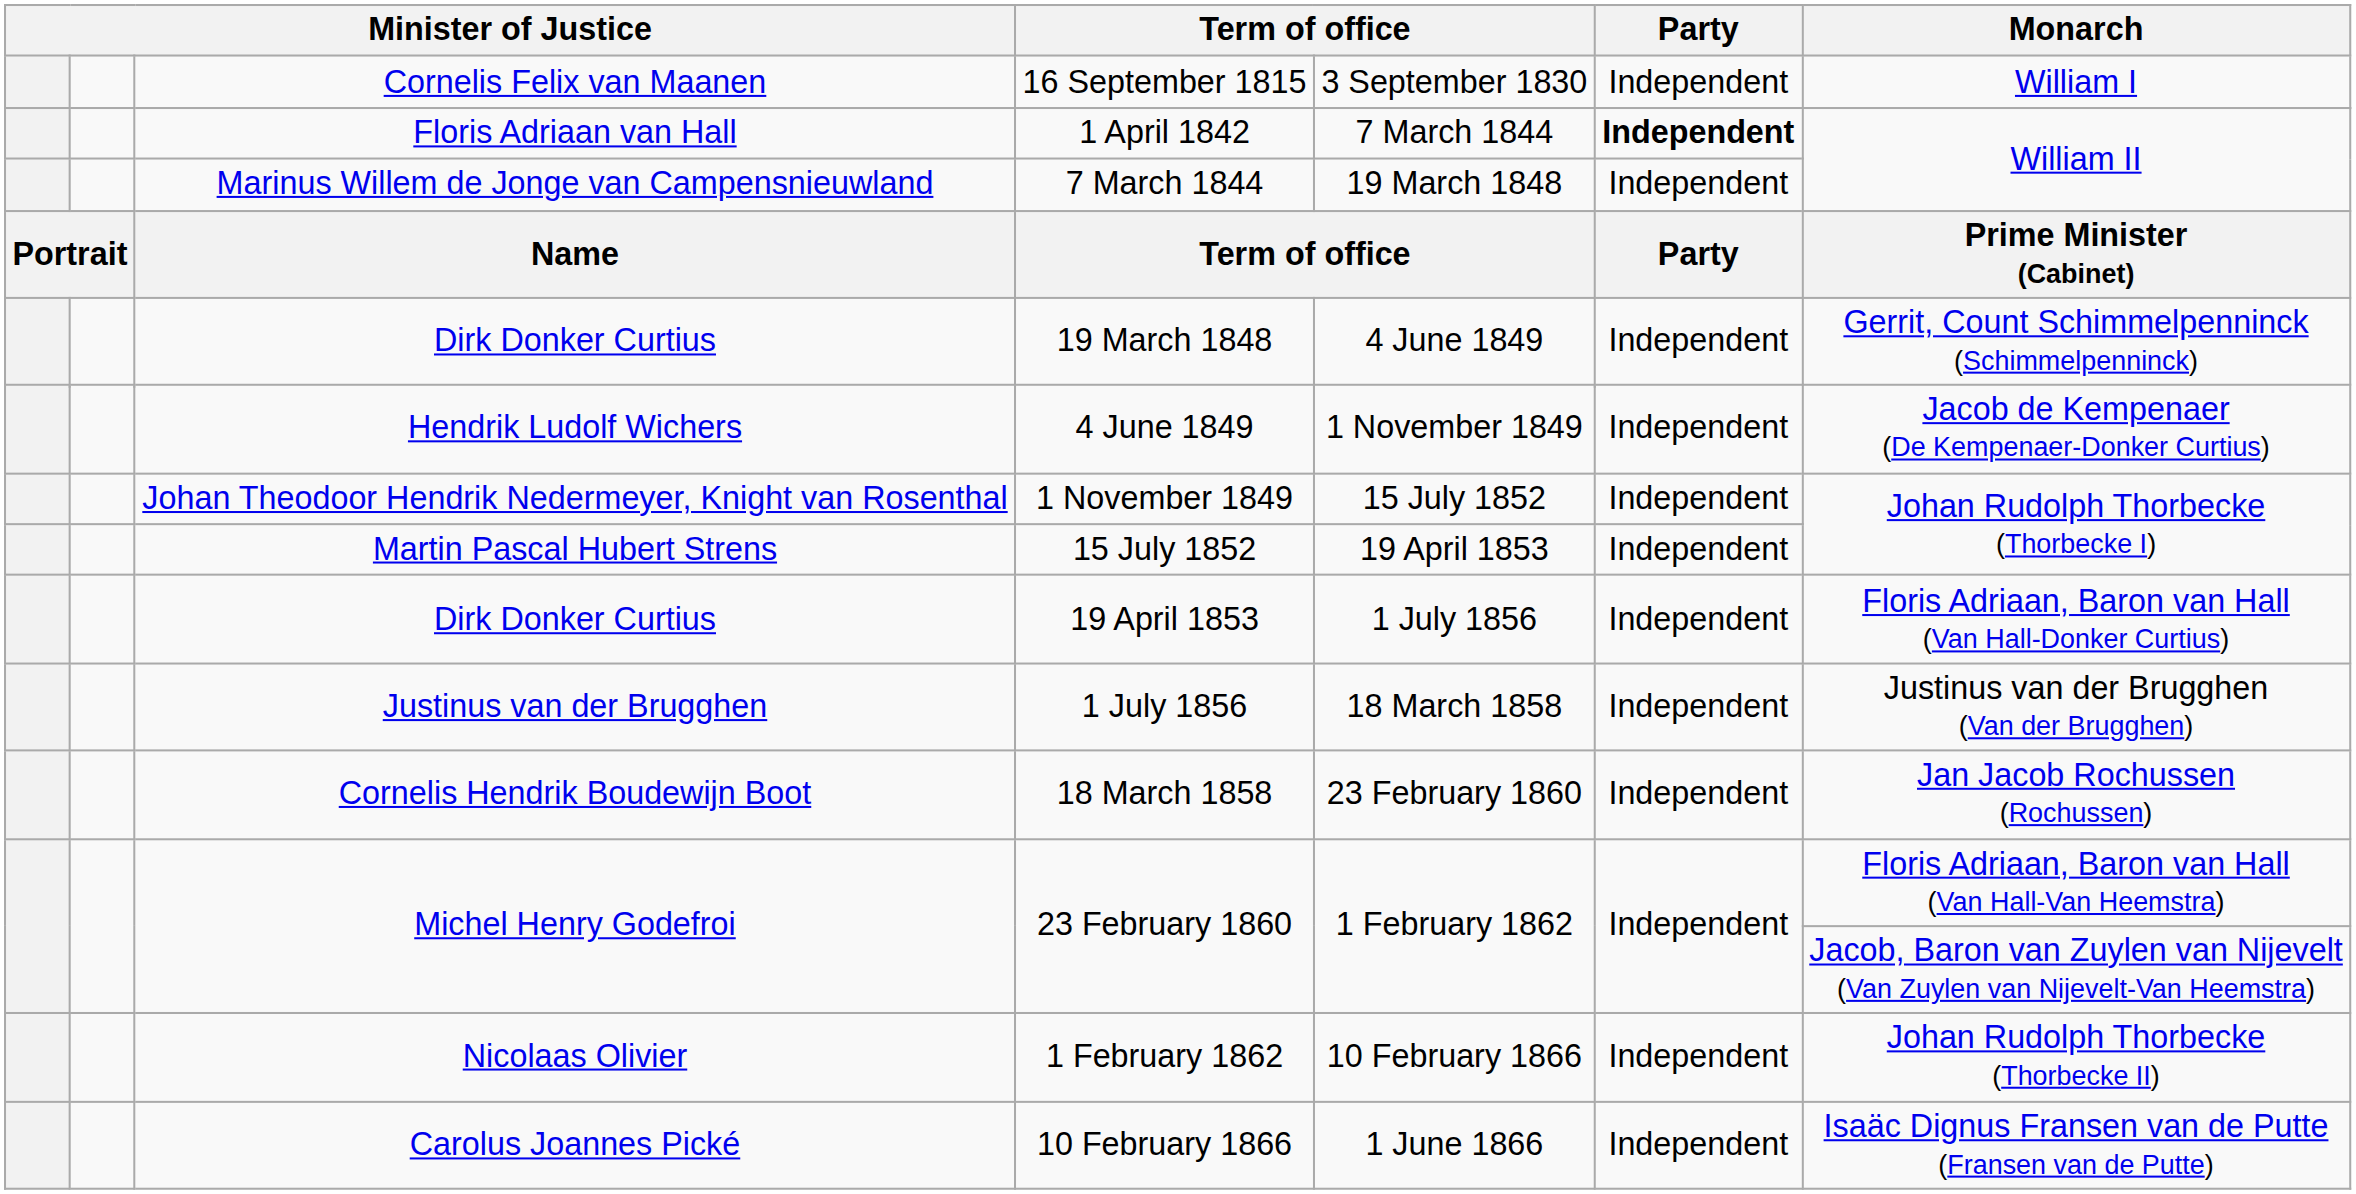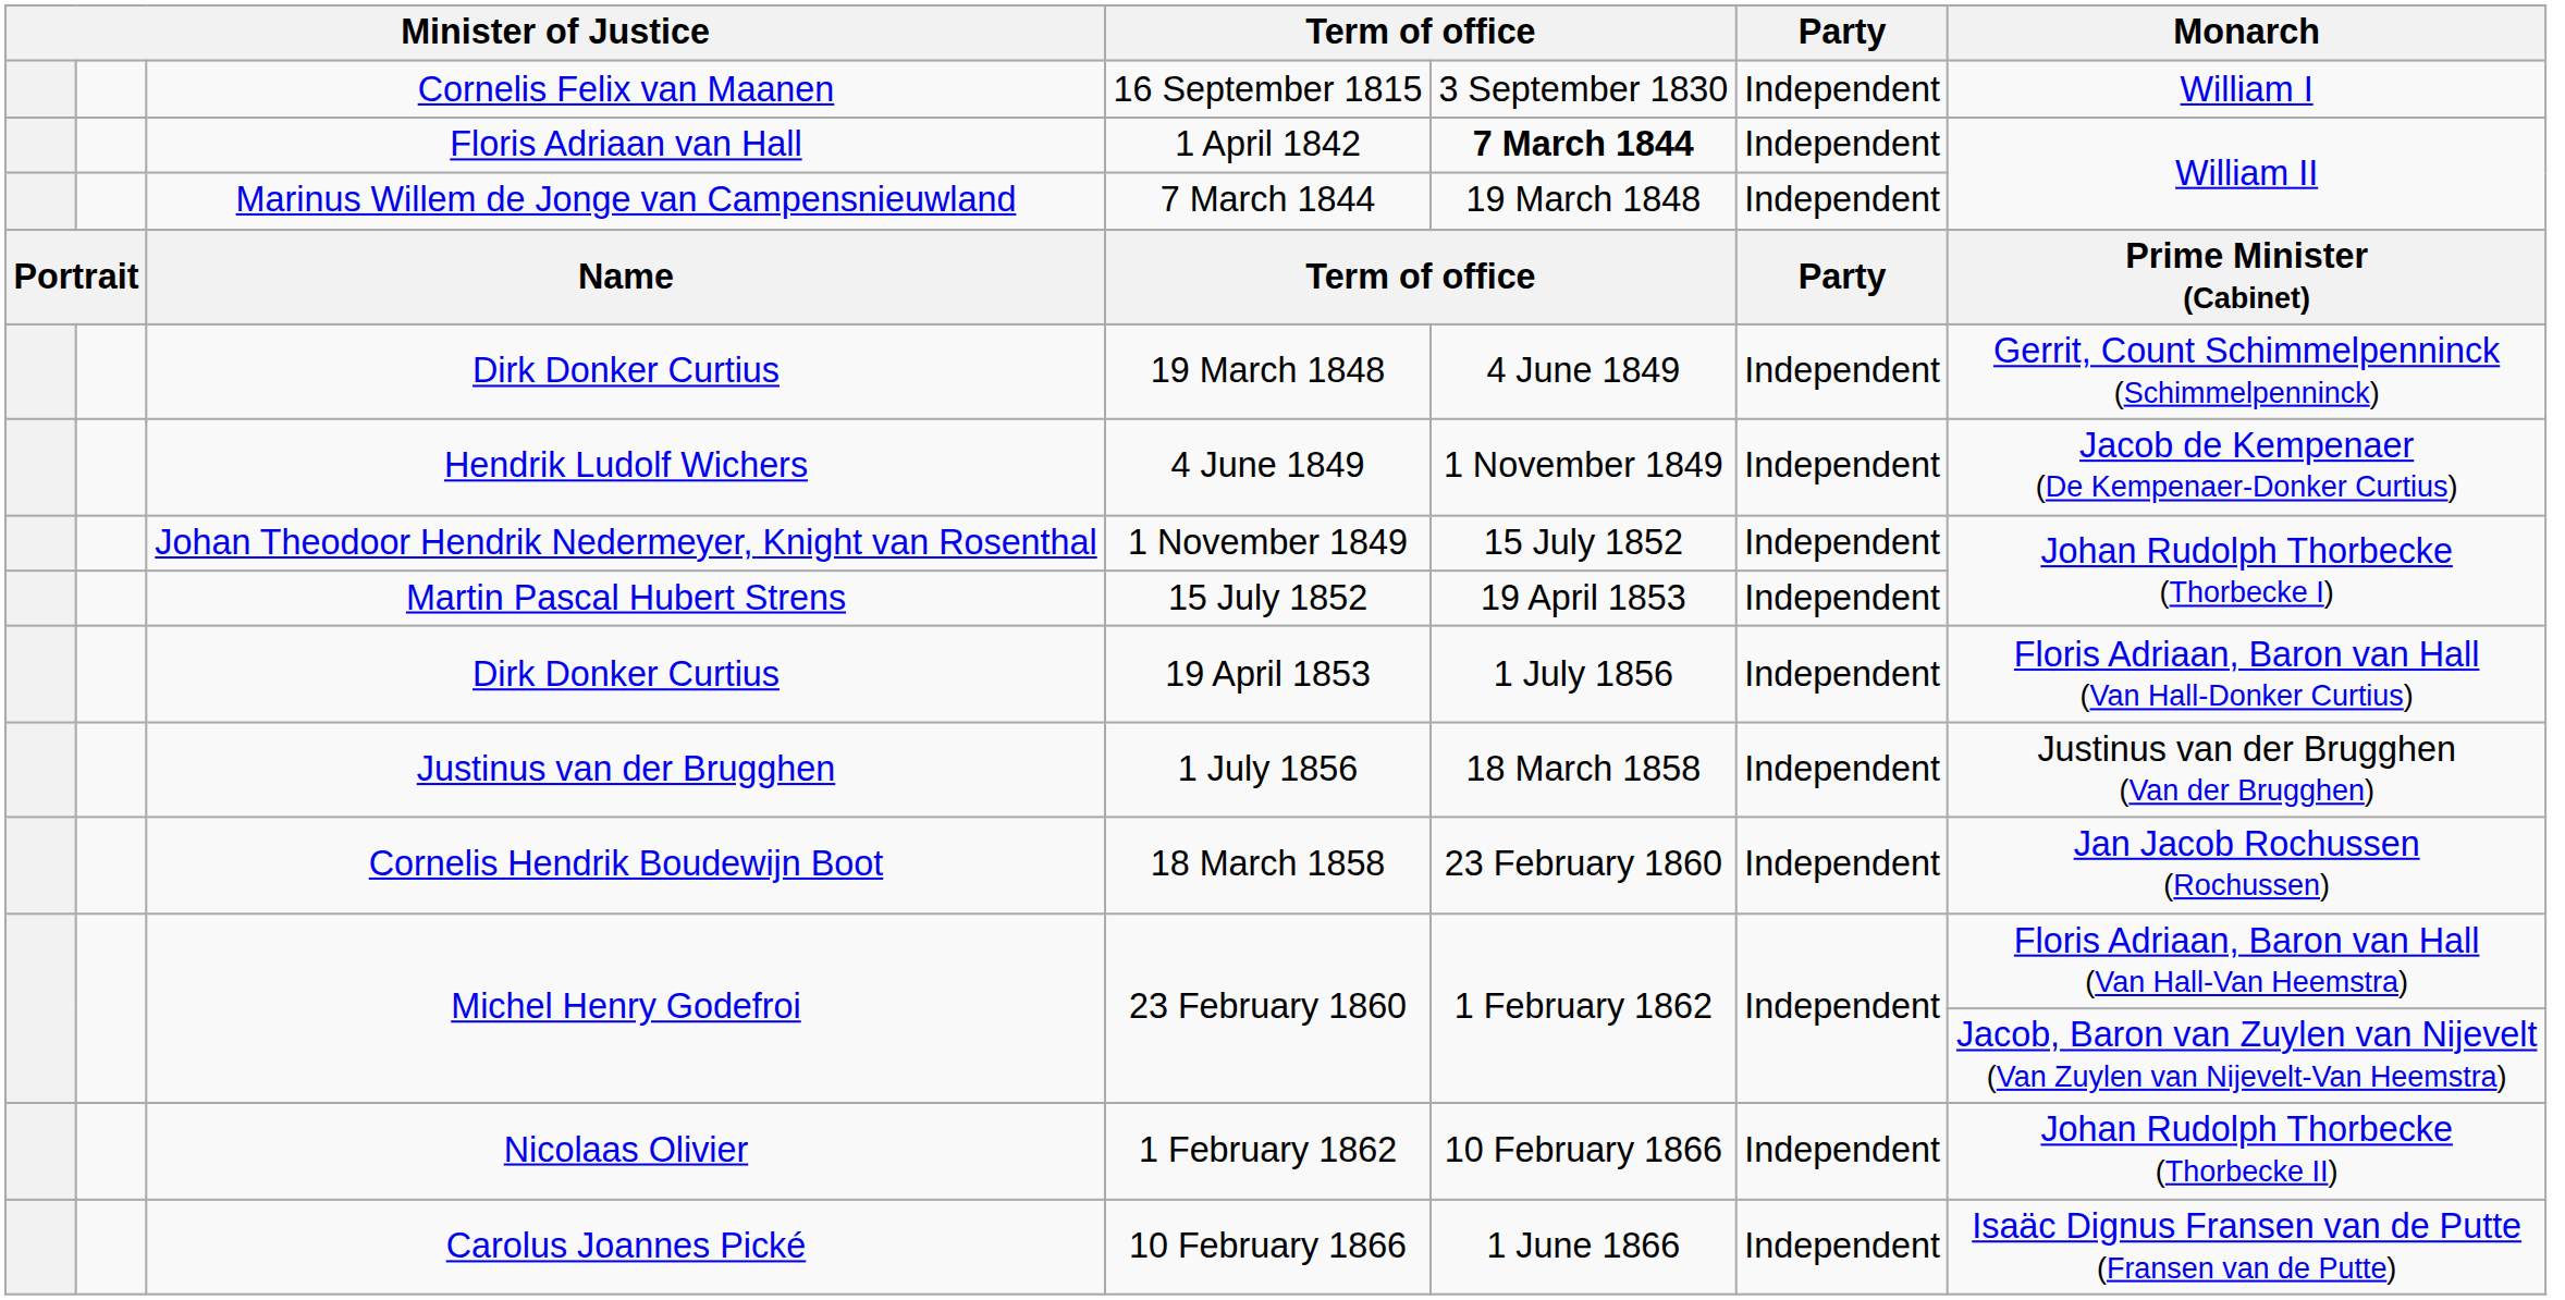 <table class="wikitable" style="text-align:center">
 <tr>
 <th colspan=3>Minister of Justice</th>
 <th colspan=2>Term of office</th>
 <th>Party</th>
 <th>Monarch</th>
 </tr>
 <tr>
 <th rowspan=2 style="background:"></th>
 <td rowspan=2></td>
 <td rowspan=2><a href='#'>Cornelis Felix van Maanen</a></td>
 <td rowspan=2>16 September 1815</td>
 <td rowspan=2>3 September 1830</td>
 <td rowspan=2>Independent</td>
 <td><a href='#'>William I</a></td>
 </tr>
 <tr>
 <td rowspan=3><a href='#'>William II</a></td>
 </tr>
 <tr>
 <th style="background:"></th>
 <td></td>
 <td><a href='#'>Floris Adriaan van Hall</a></td>
 <td>1 April 1842</td>
-<td>7 March 1844</td>
-<td><strong>Independent</strong></td>
+<td><strong>7 March 1844</strong></td>
+<td>Independent</td>
 </tr>
 <tr>
 <th style="background:"></th>
 <td></td>
 <td><a href='#'>Marinus Willem de Jonge van Campensnieuwland</a></td>
 <td>7 March 1844</td>
 <td>19 March 1848</td>
 <td>Independent</td>
 </tr>
 <tr>
 <th colspan=2>Portrait</th>
 <th>Name</th>
 <th colspan=2>Term of office</th>
 <th>Party</th>
 <th>Prime Minister<br><small>(Cabinet)</small></th>
 </tr>
 <tr>
 <th rowspan=2 style="background:"></th>
 <td rowspan=2></td>
 <td rowspan=2><a href='#'>Dirk Donker Curtius</a></td>
 <td rowspan=2>19 March 1848</td>
 <td rowspan=2>4 June 1849</td>
 <td rowspan=2>Independent</td>
 <td><a href='#'>Gerrit, Count Schimmelpenninck</a><br><small>(<a href='#'>Schimmelpenninck</a>)</small></td>
 </tr>
 <tr>
 <td rowspan=2><a href='#'>Jacob de Kempenaer</a><br><small>(<a href='#'>De Kempenaer-Donker Curtius</a>)</small></td>
 </tr>
 <tr>
 <th style="background:"></th>
 <td></td>
 <td><a href='#'>Hendrik Ludolf Wichers</a></td>
 <td>4 June 1849</td>
 <td>1 November 1849</td>
 <td>Independent</td>
 </tr>
 <tr>
 <th style="background:"></th>
 <td></td>
 <td><a href='#'>Johan Theodoor Hendrik Nedermeyer, Knight van Rosenthal</a></td>
 <td>1 November 1849</td>
 <td>15 July 1852</td>
 <td>Independent</td>
 <td rowspan=2><a href='#'>Johan Rudolph Thorbecke</a><br><small>(<a href='#'>Thorbecke I</a>)</small></td>
 </tr>
 <tr>
 <th style="background:"></th>
 <td></td>
 <td><a href='#'>Martin Pascal Hubert Strens</a></td>
 <td>15 July 1852</td>
 <td>19 April 1853</td>
 <td>Independent</td>
 </tr>
 <tr>
 <th style="background:"></th>
 <td></td>
 <td><a href='#'>Dirk Donker Curtius</a></td>
 <td>19 April 1853</td>
 <td>1 July 1856</td>
 <td>Independent</td>
 <td><a href='#'>Floris Adriaan, Baron van Hall</a><br><small>(<a href='#'>Van Hall-Donker Curtius</a>)</small></td>
 </tr>
 <tr>
 <th style="background:"></th>
 <td></td>
 <td><a href='#'>Justinus van der Brugghen</a></td>
 <td>1 July 1856</td>
 <td>18 March 1858</td>
 <td>Independent</td>
 <td>Justinus van der Brugghen<br><small>(<a href='#'>Van der Brugghen</a>)</small></td>
 </tr>
 <tr>
 <th style="background:"></th>
 <td></td>
 <td><a href='#'>Cornelis Hendrik Boudewijn Boot</a></td>
 <td>18 March 1858</td>
 <td>23 February 1860</td>
 <td>Independent</td>
 <td><a href='#'>Jan Jacob Rochussen</a><br><small>(<a href='#'>Rochussen</a>)</small></td>
 </tr>
 <tr>
 <th rowspan=2 style="background:"></th>
 <td rowspan=2></td>
 <td rowspan=2><a href='#'>Michel Henry Godefroi</a></td>
 <td rowspan=2>23 February 1860</td>
 <td rowspan=2>1 February 1862</td>
 <td rowspan=2>Independent</td>
 <td><a href='#'>Floris Adriaan, Baron van Hall</a><br><small>(<a href='#'>Van Hall-Van Heemstra</a>)</small></td>
 </tr>
 <tr>
 <td><a href='#'>Jacob, Baron van Zuylen van Nijevelt</a><br><small>(<a href='#'>Van Zuylen van Nijevelt-Van Heemstra</a>)</small></td>
 </tr>
 <tr>
 <th style="background:"></th>
 <td></td>
 <td><a href='#'>Nicolaas Olivier</a></td>
 <td>1 February 1862</td>
 <td>10 February 1866</td>
 <td>Independent</td>
 <td><a href='#'>Johan Rudolph Thorbecke</a><br><small>(<a href='#'>Thorbecke II</a>)</small></td>
 </tr>
 <tr>
 <th style="background:"></th>
 <td></td>
 <td><a href='#'>Carolus Joannes Pické</a></td>
 <td>10 February 1866</td>
 <td>1 June 1866</td>
 <td>Independent</td>
 <td><a href='#'>Isaäc Dignus Fransen van de Putte</a><br><small>(<a href='#'>Fransen van de Putte</a>)</small></td>
 </tr>
 </table>
